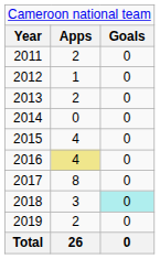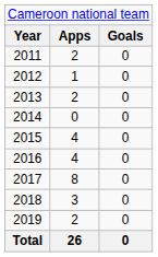 <table class="wikitable" style="text-align:center">
 <tr>
 <td colspan="3"><a href='#'>Cameroon national team</a></td>
 </tr>
 <tr>
 <th>Year</th>
 <th>Apps</th>
 <th>Goals</th>
 </tr>
 <tr>
 <td>2011</td>
 <td>2</td>
 <td>0</td>
 </tr>
 <tr>
 <td>2012</td>
 <td>1</td>
 <td>0</td>
 </tr>
 <tr>
 <td>2013</td>
 <td>2</td>
 <td>0</td>
 </tr>
 <tr>
 <td>2014</td>
 <td>0</td>
 <td>0</td>
 </tr>
 <tr>
 <td>2015</td>
 <td>4</td>
 <td>0</td>
 </tr>
 <tr>
 <td>2016</td>
-<td style="background: khaki;">4</td>
+<td>4</td>
 <td>0</td>
 </tr>
 <tr>
 <td>2017</td>
 <td>8</td>
 <td>0</td>
 </tr>
 <tr>
 <td>2018</td>
 <td>3</td>
-<td style="background: paleturquoise;">0</td>
+<td>0</td>
 </tr>
 <tr>
 <td>2019</td>
 <td>2</td>
 <td>0</td>
 </tr>
 <tr>
 <th>Total</th>
 <th>26</th>
 <th>0</th>
 </tr>
 </table>
